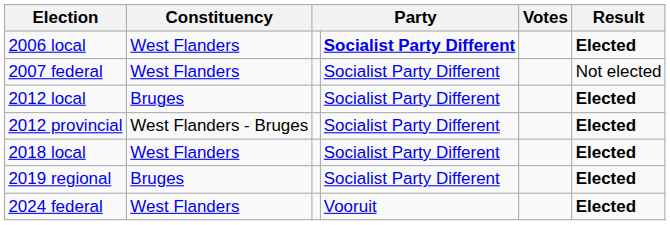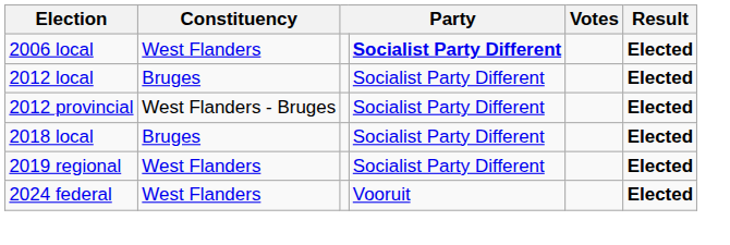 <table class="wikitable" style="text-align:left;">
 <tr>
 <th scope=col>Election</th>
 <th scope=col>Constituency</th>
 <th scope=col colspan="2">Party</th>
 <th scope=col>Votes</th>
 <th scope=col>Result</th>
 </tr>
 <tr>
 <td><a href='#'>2006 local</a></td>
 <td><a href='#'>West Flanders</a></td>
 <td style="background:"></td>
 <td><strong><a href='#'>Socialist Party Different</a></strong></td>
 <td align=right></td>
 <td><strong>Elected</strong></td>
-</tr>
-<tr>
-<td><a href='#'>2007 federal</a></td>
-<td><a href='#'>West Flanders</a></td>
-<td style="background:"></td>
-<td><a href='#'>Socialist Party Different</a></td>
-<td align=right></td>
-<td>Not elected</td>
 </tr>
 <tr>
 <td><a href='#'>2012 local</a></td>
 <td><a href='#'>Bruges</a></td>
 <td style="background:"></td>
 <td><a href='#'>Socialist Party Different</a></td>
 <td align=right></td>
 <td><strong>Elected</strong></td>
 </tr>
 <tr>
 <td><a href='#'>2012 provincial</a></td>
 <td>West Flanders - Bruges</td>
 <td style="background:"></td>
 <td><a href='#'>Socialist Party Different</a></td>
 <td align=right></td>
 <td><strong>Elected</strong></td>
 </tr>
 <tr>
 <td><a href='#'>2018 local</a></td>
-<td><a href='#'>West Flanders</a></td>
+<td><a href='#'>Bruges</a></td>
 <td style="background:"></td>
 <td><a href='#'>Socialist Party Different</a></td>
 <td align=right></td>
 <td><strong>Elected</strong></td>
 </tr>
 <tr>
 <td><a href='#'>2019 regional</a></td>
-<td><a href='#'>Bruges</a></td>
+<td><a href='#'>West Flanders</a></td>
 <td style="background:"></td>
 <td><a href='#'>Socialist Party Different</a></td>
 <td align=right></td>
 <td><strong>Elected</strong></td>
 </tr>
 <tr>
 <td><a href='#'>2024 federal</a></td>
 <td><a href='#'>West Flanders</a></td>
 <td style="background:"></td>
 <td><a href='#'>Vooruit</a></td>
 <td align=right></td>
 <td><strong>Elected</strong></td>
 </tr>
 </table>
